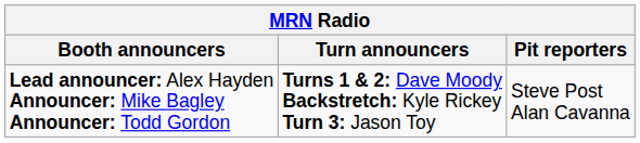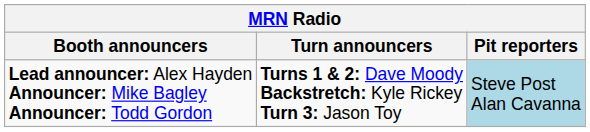 <table class="wikitable" style="font-size: 95%;">
 <tr>
 <th colspan="3"><a href='#'>MRN</a> Radio</th>
 </tr>
 <tr>
 <th>Booth announcers</th>
 <th>Turn announcers</th>
 <th>Pit reporters</th>
 </tr>
 <tr>
 <td><strong>Lead announcer:</strong> Alex Hayden<br><strong>Announcer:</strong> <a href='#'>Mike Bagley</a><br><strong>Announcer:</strong> <a href='#'>Todd Gordon</a></td>
 <td><strong>Turns 1 & 2:</strong> <a href='#'>Dave Moody</a><br><strong>Backstretch:</strong> Kyle Rickey<br><strong>Turn 3:</strong> Jason Toy</td>
-<td>Steve Post<br>Alan Cavanna</td>
+<td style="background: lightblue;">Steve Post<br>Alan Cavanna</td>
 </tr>
 </table>
